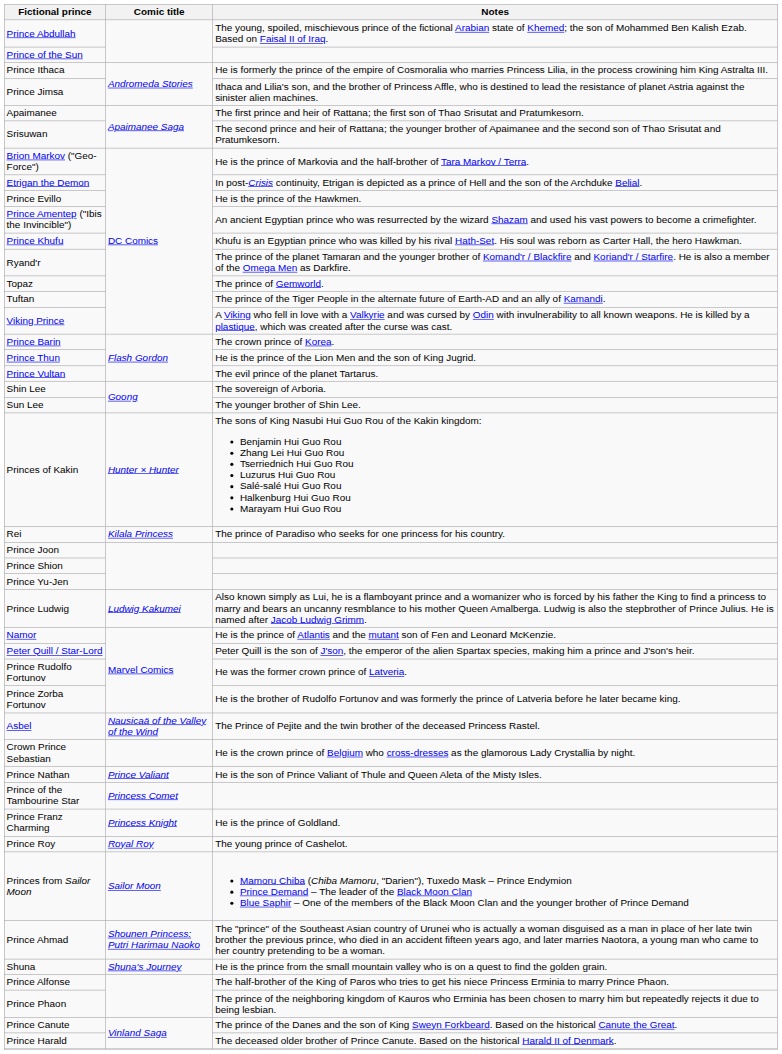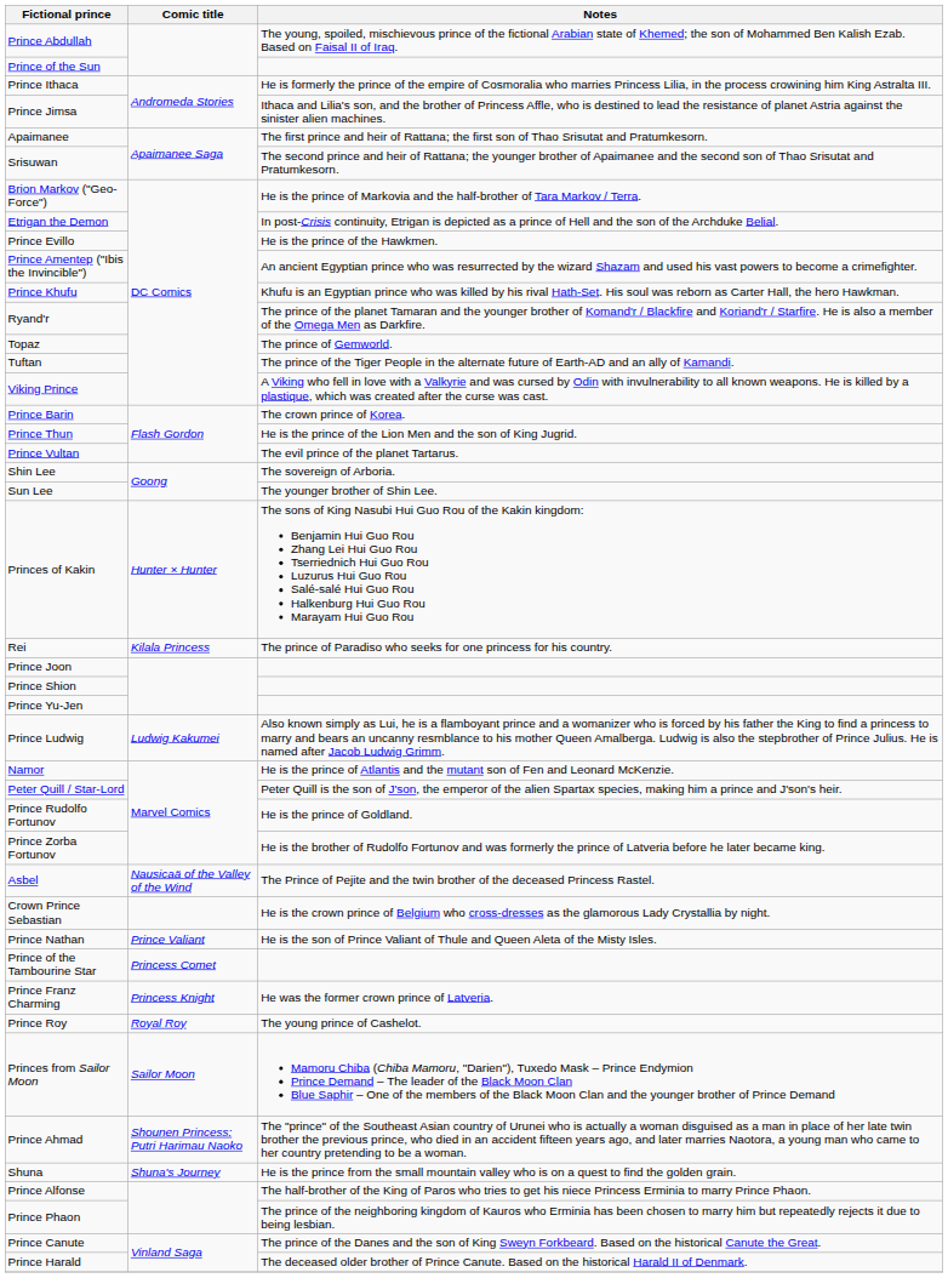 <table class="wikitable sortable">
 <tr>
 <th>Fictional prince</th>
 <th>Comic title</th>
 <th class="unsortable">Notes</th>
 </tr>
 <tr>
 <td><a href='#'>Prince Abdullah</a></td>
 <td rowspan="2"><em></em></td>
 <td>The young, spoiled, mischievous prince of the fictional <a href='#'>Arabian</a> state of <a href='#'>Khemed</a>; the son of Mohammed Ben Kalish Ezab. Based on <a href='#'>Faisal II of Iraq</a>.</td>
 </tr>
 <tr>
 <td><a href='#'>Prince of the Sun</a></td>
 <td></td>
 </tr>
 <tr>
 <td>Prince Ithaca</td>
 <td rowspan="2"><em><a href='#'>Andromeda Stories</a></em></td>
 <td>He is formerly the prince of the empire of Cosmoralia who marries Princess Lilia, in the process crowining him King Astralta III.</td>
 </tr>
 <tr>
 <td>Prince Jimsa</td>
 <td>Ithaca and Lilia's son, and the brother of Princess Affle, who is destined to lead the resistance of planet Astria against the sinister alien machines.</td>
 </tr>
 <tr>
 <td>Apaimanee</td>
 <td rowspan="2"><em><a href='#'>Apaimanee Saga</a></em></td>
 <td>The first prince and heir of Rattana; the first son of Thao Srisutat and Pratumkesorn.</td>
 </tr>
 <tr>
 <td>Srisuwan</td>
 <td>The second prince and heir of Rattana; the younger brother of Apaimanee and the second son of Thao Srisutat and Pratumkesorn.</td>
 </tr>
 <tr>
 <td><a href='#'>Brion Markov</a> ("Geo-Force")</td>
 <td rowspan="9"><a href='#'>DC Comics</a></td>
 <td>He is the prince of Markovia and the half-brother of <a href='#'>Tara Markov / Terra</a>.</td>
 </tr>
 <tr>
 <td><a href='#'>Etrigan the Demon</a></td>
 <td>In post-<em><a href='#'>Crisis</a></em> continuity, Etrigan is depicted as a prince of Hell and the son of the Archduke <a href='#'>Belial</a>.</td>
 </tr>
 <tr>
 <td>Prince Evillo</td>
 <td>He is the prince of the Hawkmen.</td>
 </tr>
 <tr>
 <td><a href='#'>Prince Amentep</a> ("Ibis the Invincible")</td>
 <td>An ancient Egyptian prince who was resurrected by the wizard <a href='#'>Shazam</a> and used his vast powers to become a crimefighter.</td>
 </tr>
 <tr>
 <td><a href='#'>Prince Khufu</a></td>
 <td>Khufu is an Egyptian prince who was killed by his rival <a href='#'>Hath-Set</a>. His soul was reborn as Carter Hall, the hero Hawkman.</td>
 </tr>
 <tr>
 <td>Ryand'r</td>
 <td>The prince of the planet Tamaran and the younger brother of <a href='#'>Komand'r / Blackfire</a> and <a href='#'>Koriand'r / Starfire</a>. He is also a member of the <a href='#'>Omega Men</a> as Darkfire.</td>
 </tr>
 <tr>
 <td>Topaz</td>
 <td>The prince of <a href='#'>Gemworld</a>.</td>
 </tr>
 <tr>
 <td>Tuftan</td>
 <td>The prince of the Tiger People in the alternate future of Earth-AD and an ally of <a href='#'>Kamandi</a>.</td>
 </tr>
 <tr>
 <td><a href='#'>Viking Prince</a></td>
 <td>A <a href='#'>Viking</a> who fell in love with a <a href='#'>Valkyrie</a> and was cursed by <a href='#'>Odin</a> with invulnerability to all known weapons. He is killed by a <a href='#'>plastique</a>, which was created after the curse was cast.</td>
 </tr>
 <tr>
 <td><a href='#'>Prince Barin</a></td>
 <td rowspan="3"><em><a href='#'>Flash Gordon</a></em></td>
 <td>The crown prince of <a href='#'>Korea</a>.</td>
 </tr>
 <tr>
 <td><a href='#'>Prince Thun</a></td>
 <td>He is the prince of the Lion Men and the son of King Jugrid.</td>
 </tr>
 <tr>
 <td><a href='#'>Prince Vultan</a></td>
 <td>The evil prince of the planet Tartarus.</td>
 </tr>
 <tr>
 <td>Shin Lee</td>
 <td rowspan="2"><em><a href='#'>Goong</a></em></td>
 <td>The sovereign of Arboria.</td>
 </tr>
 <tr>
 <td>Sun Lee</td>
 <td>The younger brother of Shin Lee.</td>
 </tr>
 <tr>
 <td>Princes of Kakin</td>
 <td><em><a href='#'>Hunter × Hunter</a></em></td>
 <td>The sons of King Nasubi Hui Guo Rou of the Kakin kingdom:<br><ul><li>Benjamin Hui Guo Rou</li><li>Zhang Lei Hui Guo Rou</li><li>Tserriednich Hui Guo Rou</li><li>Luzurus Hui Guo Rou</li><li>Salé-salé Hui Guo Rou</li><li>Halkenburg Hui Guo Rou</li><li>Marayam Hui Guo Rou</li></ul></td>
 </tr>
 <tr>
 <td>Rei</td>
 <td><em><a href='#'>Kilala Princess</a></em></td>
 <td>The prince of Paradiso who seeks for one princess for his country.</td>
 </tr>
 <tr>
 <td>Prince Joon</td>
 <td rowspan="3"><em></em></td>
 <td></td>
 </tr>
 <tr>
 <td>Prince Shion</td>
 <td></td>
 </tr>
 <tr>
 <td>Prince Yu-Jen</td>
 <td></td>
 </tr>
 <tr>
 <td>Prince Ludwig</td>
 <td><em><a href='#'>Ludwig Kakumei</a></em></td>
 <td>Also known simply as Lui, he is a flamboyant prince and a womanizer who is forced by his father the King to find a princess to marry and bears an uncanny resmblance to his mother Queen Amalberga. Ludwig is also the stepbrother of Prince Julius. He is named after <a href='#'>Jacob Ludwig Grimm</a>.</td>
 </tr>
 <tr>
 <td><a href='#'>Namor</a></td>
 <td rowspan="4"><a href='#'>Marvel Comics</a></td>
 <td>He is the prince of <a href='#'>Atlantis</a> and the <a href='#'>mutant</a> son of Fen and Leonard McKenzie.</td>
 </tr>
 <tr>
 <td><a href='#'>Peter Quill / Star-Lord</a></td>
 <td>Peter Quill is the son of <a href='#'>J'son</a>, the emperor of the alien Spartax species, making him a prince and J'son's heir.</td>
 </tr>
 <tr>
 <td>Prince Rudolfo Fortunov</td>
-<td>He was the former crown prince of <a href='#'>Latveria</a>.</td>
+<td>He is the prince of Goldland.</td>
 </tr>
 <tr>
 <td>Prince Zorba Fortunov</td>
 <td>He is the brother of Rudolfo Fortunov and was formerly the prince of Latveria before he later became king.</td>
 </tr>
 <tr>
 <td><a href='#'>Asbel</a></td>
 <td><em><a href='#'>Nausicaä of the Valley of the Wind</a></em></td>
 <td>The Prince of Pejite and the twin brother of the deceased Princess Rastel.</td>
 </tr>
 <tr>
 <td>Crown Prince Sebastian</td>
 <td><em></em></td>
 <td>He is the crown prince of <a href='#'>Belgium</a> who <a href='#'>cross-dresses</a> as the glamorous Lady Crystallia by night.</td>
 </tr>
 <tr>
 <td>Prince Nathan</td>
 <td><em><a href='#'>Prince Valiant</a></em></td>
 <td>He is the son of Prince Valiant of Thule and Queen Aleta of the Misty Isles.</td>
 </tr>
 <tr>
 <td>Prince of the Tambourine Star</td>
 <td><em><a href='#'>Princess Comet</a></em></td>
 <td></td>
 </tr>
 <tr>
 <td>Prince Franz Charming</td>
 <td><em><a href='#'>Princess Knight</a></em></td>
-<td>He is the prince of Goldland.</td>
+<td>He was the former crown prince of <a href='#'>Latveria</a>.</td>
 </tr>
 <tr>
 <td>Prince Roy</td>
 <td><em><a href='#'>Royal Roy</a></em></td>
 <td>The young prince of Cashelot.</td>
 </tr>
 <tr>
 <td>Princes from <em>Sailor Moon</em></td>
 <td><em><a href='#'>Sailor Moon</a></em></td>
 <td><br><ul><li><a href='#'>Mamoru Chiba</a> (<em>Chiba Mamoru</em>, "Darien"), Tuxedo Mask – Prince Endymion</li><li><a href='#'>Prince Demand</a> – The leader of the <a href='#'>Black Moon Clan</a></li><li><a href='#'>Blue Saphir</a> – One of the members of the Black Moon Clan and the younger brother of Prince Demand</li></ul></td>
 </tr>
 <tr>
 <td>Prince Ahmad</td>
 <td><em><a href='#'>Shounen Princess: Putri Harimau Naoko</a></em></td>
 <td>The "prince" of the Southeast Asian country of Urunei who is actually a woman disguised as a man in place of her late twin brother the previous prince, who died in an accident fifteen years ago, and later marries Naotora, a young man who came to her country pretending to be a woman.</td>
 </tr>
 <tr>
 <td>Shuna</td>
 <td><em><a href='#'>Shuna's Journey</a></em></td>
 <td>He is the prince from the small mountain valley who is on a quest to find the golden grain.</td>
 </tr>
 <tr>
 <td>Prince Alfonse</td>
 <td rowspan="2"><em></em></td>
 <td>The half-brother of the King of Paros who tries to get his niece Princess Erminia to marry Prince Phaon.</td>
 </tr>
 <tr>
 <td>Prince Phaon</td>
 <td>The prince of the neighboring kingdom of Kauros who Erminia has been chosen to marry him but repeatedly rejects it due to being lesbian.</td>
 </tr>
 <tr>
 <td>Prince Canute</td>
 <td rowspan="2"><em><a href='#'>Vinland Saga</a></em></td>
 <td>The prince of the Danes and the son of King <a href='#'>Sweyn Forkbeard</a>. Based on the historical <a href='#'>Canute the Great</a>.</td>
 </tr>
 <tr>
 <td>Prince Harald</td>
 <td>The deceased older brother of Prince Canute. Based on the historical <a href='#'>Harald II of Denmark</a>.</td>
 </tr>
 <tr>
 </tr>
 </table>
